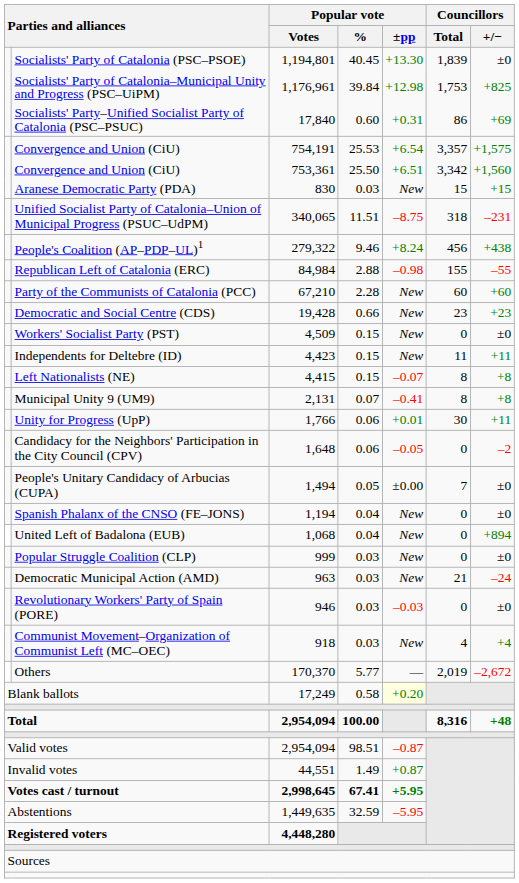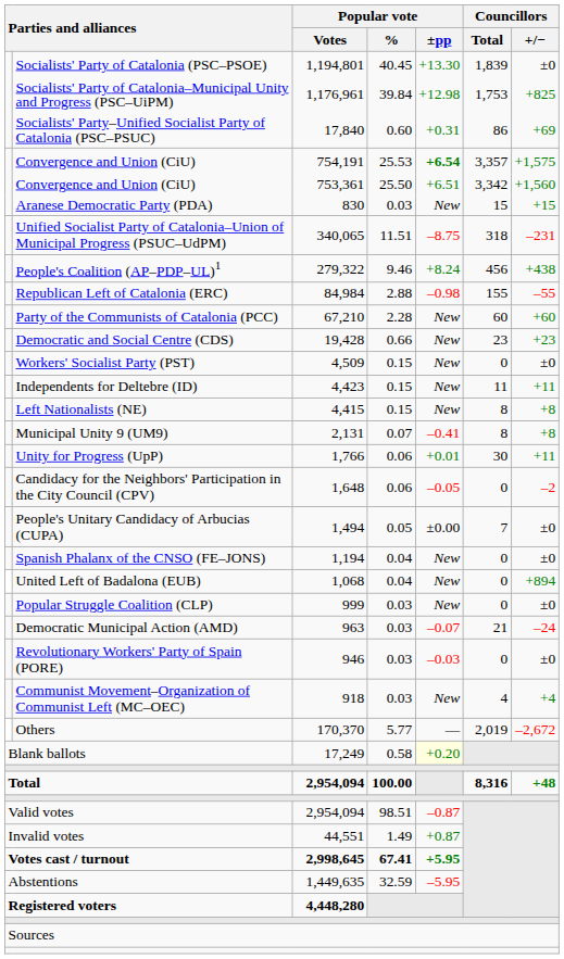 <table class="wikitable" style="text-align:right;">
 <tr>
 <th style="text-align:left;" rowspan="2" colspan="2" width="525">Parties and alliances</th>
 <th colspan="3">Popular vote</th>
 <th colspan="2">Councillors</th>
 </tr>
 <tr>
 <th width="75">Votes</th>
 <th width="45">%</th>
 <th width="45">±<a href='#'>pp</a></th>
 <th width="45">Total</th>
 <th width="45">+/−</th>
 </tr>
 <tr style="line-height:22px;">
 <td width="1" rowspan="3"></td>
 <td align="left"><a href='#'>Socialists' Party of Catalonia</a> (PSC–PSOE)</td>
 <td>1,194,801</td>
 <td>40.45</td>
 <td style="color:green;">+13.30</td>
 <td>1,839</td>
 <td>±0</td>
 </tr>
 <tr style="border-bottom-style:hidden; border-top-style:hidden; line-height:16px;">
 <td align="left"><span><a href='#'>Socialists' Party of Catalonia–Municipal Unity and Progress</a> (PSC–UiPM)</span></td>
 <td>1,176,961</td>
 <td>39.84</td>
 <td style="color:green;">+12.98</td>
 <td>1,753</td>
 <td style="color:green;">+825</td>
 </tr>
 <tr style="line-height:16px;">
 <td align="left"><span><a href='#'>Socialists' Party</a>–<a href='#'>Unified Socialist Party of Catalonia</a> (PSC–PSUC)</span></td>
 <td>17,840</td>
 <td>0.60</td>
 <td style="color:green;">+0.31</td>
 <td>86</td>
 <td style="color:green;">+69</td>
 </tr>
 <tr style="line-height:22px;">
 <td rowspan="3" style="color:inherit;background:"></td>
 <td align="left"><a href='#'>Convergence and Union</a> (CiU)</td>
 <td>754,191</td>
 <td>25.53</td>
-<td style="color:green;">+6.54</td>
+<td style="color:green;"><strong>+6.54</strong></td>
 <td>3,357</td>
 <td style="color:green;">+1,575</td>
 </tr>
 <tr style="border-bottom-style:hidden; border-top-style:hidden; line-height:16px;">
 <td align="left"><span><a href='#'>Convergence and Union</a> (CiU)</span></td>
 <td>753,361</td>
 <td>25.50</td>
 <td style="color:green;">+6.51</td>
 <td>3,342</td>
 <td style="color:green;">+1,560</td>
 </tr>
 <tr style="line-height:16px;">
 <td align="left"><span><a href='#'>Aranese Democratic Party</a> (PDA)</span></td>
 <td>830</td>
 <td>0.03</td>
 <td><em>New</em></td>
 <td>15</td>
 <td style="color:green;">+15</td>
 </tr>
 <tr>
 <td style="color:inherit;background:"></td>
 <td align="left"><a href='#'>Unified Socialist Party of Catalonia–Union of Municipal Progress</a> (PSUC–UdPM)</td>
 <td>340,065</td>
 <td>11.51</td>
 <td style="color:red;">–8.75</td>
 <td>318</td>
 <td style="color:red;">–231</td>
 </tr>
 <tr>
 <td style="color:inherit;background:"></td>
 <td align="left"><a href='#'>People's Coalition</a> (<a href='#'>AP</a>–<a href='#'>PDP</a>–<a href='#'>UL</a>)<sup>1</sup></td>
 <td>279,322</td>
 <td>9.46</td>
 <td style="color:green;">+8.24</td>
 <td>456</td>
 <td style="color:green;">+438</td>
 </tr>
 <tr>
 <td style="color:inherit;background:"></td>
 <td align="left"><a href='#'>Republican Left of Catalonia</a> (ERC)</td>
 <td>84,984</td>
 <td>2.88</td>
 <td style="color:red;">–0.98</td>
 <td>155</td>
 <td style="color:red;">–55</td>
 </tr>
 <tr>
 <td style="color:inherit;background:"></td>
 <td align="left"><a href='#'>Party of the Communists of Catalonia</a> (PCC)</td>
 <td>67,210</td>
 <td>2.28</td>
 <td><em>New</em></td>
 <td>60</td>
 <td style="color:green;">+60</td>
 </tr>
 <tr>
 <td style="color:inherit;background:"></td>
 <td align="left"><a href='#'>Democratic and Social Centre</a> (CDS)</td>
 <td>19,428</td>
 <td>0.66</td>
 <td><em>New</em></td>
 <td>23</td>
 <td style="color:green;">+23</td>
 </tr>
 <tr>
 <td style="color:inherit;background:"></td>
 <td align="left"><a href='#'>Workers' Socialist Party</a> (PST)</td>
 <td>4,509</td>
 <td>0.15</td>
 <td><em>New</em></td>
 <td>0</td>
 <td>±0</td>
 </tr>
 <tr>
 <td style="color:inherit;background:"></td>
 <td align="left">Independents for Deltebre (ID)</td>
 <td>4,423</td>
 <td>0.15</td>
 <td><em>New</em></td>
 <td>11</td>
 <td style="color:green;">+11</td>
 </tr>
 <tr>
 <td style="color:inherit;background:"></td>
 <td align="left"><a href='#'>Left Nationalists</a> (NE)</td>
 <td>4,415</td>
 <td>0.15</td>
-<td style="color:red;">–0.07</td>
+<td><em>New</em></td>
 <td>8</td>
 <td style="color:green;">+8</td>
 </tr>
 <tr>
 <td style="color:inherit;background:"></td>
 <td align="left">Municipal Unity 9 (UM9)</td>
 <td>2,131</td>
 <td>0.07</td>
 <td style="color:red;">–0.41</td>
 <td>8</td>
 <td style="color:green;">+8</td>
 </tr>
 <tr>
 <td style="color:inherit;background:"></td>
 <td align="left"><a href='#'>Unity for Progress</a> (UpP)</td>
 <td>1,766</td>
 <td>0.06</td>
 <td style="color:green;">+0.01</td>
 <td>30</td>
 <td style="color:green;">+11</td>
 </tr>
 <tr>
 <td style="color:inherit;background:"></td>
 <td align="left">Candidacy for the Neighbors' Participation in the City Council (CPV)</td>
 <td>1,648</td>
 <td>0.06</td>
 <td style="color:red;">–0.05</td>
 <td>0</td>
 <td style="color:red;">–2</td>
 </tr>
 <tr>
 <td style="color:inherit;background:"></td>
 <td align="left">People's Unitary Candidacy of Arbucias (CUPA)</td>
 <td>1,494</td>
 <td>0.05</td>
 <td>±0.00</td>
 <td>7</td>
 <td>±0</td>
 </tr>
 <tr>
 <td style="color:inherit;background:"></td>
 <td align="left"><a href='#'>Spanish Phalanx of the CNSO</a> (FE–JONS)</td>
 <td>1,194</td>
 <td>0.04</td>
 <td><em>New</em></td>
 <td>0</td>
 <td>±0</td>
 </tr>
 <tr>
 <td bgcolor="white"></td>
 <td align="left">United Left of Badalona (EUB)</td>
 <td>1,068</td>
 <td>0.04</td>
 <td><em>New</em></td>
 <td>0</td>
 <td style="color:green;">+894</td>
 </tr>
 <tr>
 <td style="color:inherit;background:"></td>
 <td align="left"><a href='#'>Popular Struggle Coalition</a> (CLP)</td>
 <td>999</td>
 <td>0.03</td>
 <td><em>New</em></td>
 <td>0</td>
 <td>±0</td>
 </tr>
 <tr>
 <td style="color:inherit;background:"></td>
 <td align="left">Democratic Municipal Action (AMD)</td>
 <td>963</td>
 <td>0.03</td>
-<td><em>New</em></td>
+<td style="color:red;">–0.07</td>
 <td>21</td>
 <td style="color:red;">–24</td>
 </tr>
 <tr>
 <td style="color:inherit;background:"></td>
 <td align="left"><a href='#'>Revolutionary Workers' Party of Spain</a> (PORE)</td>
 <td>946</td>
 <td>0.03</td>
 <td style="color:red;">–0.03</td>
 <td>0</td>
 <td>±0</td>
 </tr>
 <tr>
 <td style="color:inherit;background:"></td>
 <td align="left"><a href='#'>Communist Movement</a>–<a href='#'>Organization of Communist Left</a> (MC–OEC)</td>
 <td>918</td>
 <td>0.03</td>
 <td><em>New</em></td>
 <td>4</td>
 <td style="color:green;">+4</td>
 </tr>
 <tr>
 <td bgcolor="white"></td>
 <td align="left">Others</td>
 <td>170,370</td>
 <td>5.77</td>
 <td>—</td>
 <td>2,019</td>
 <td style="color:red;">–2,672</td>
 </tr>
 <tr>
 <td align="left" colspan="2">Blank ballots</td>
 <td>17,249</td>
 <td>0.58</td>
 <td style="background: lightyellow; color:green;">+0.20</td>
 <td style="color:inherit;background:#E9E9E9" colspan="2"></td>
 </tr>
 <tr>
 <td colspan="7" style="color:inherit;background:#E9E9E9"></td>
 </tr>
 <tr style="font-weight:bold;">
 <td align="left" colspan="2">Total</td>
 <td>2,954,094</td>
 <td>100.00</td>
 <td bgcolor="#E9E9E9"></td>
 <td>8,316</td>
 <td style="color:green;">+48</td>
 </tr>
 <tr>
 <td colspan="7" style="color:inherit;background:#E9E9E9"></td>
 </tr>
 <tr>
 <td align="left" colspan="2">Valid votes</td>
 <td>2,954,094</td>
 <td>98.51</td>
 <td style="color:red;">–0.87</td>
 <td bgcolor="#E9E9E9" colspan="2" rowspan="5"></td>
 </tr>
 <tr>
 <td align="left" colspan="2">Invalid votes</td>
 <td>44,551</td>
 <td>1.49</td>
 <td style="color:green;">+0.87</td>
 </tr>
 <tr style="font-weight:bold;">
 <td align="left" colspan="2">Votes cast / turnout</td>
 <td>2,998,645</td>
 <td>67.41</td>
 <td style="color:green;">+5.95</td>
 </tr>
 <tr>
 <td align="left" colspan="2">Abstentions</td>
 <td>1,449,635</td>
 <td>32.59</td>
 <td style="color:red;">–5.95</td>
 </tr>
 <tr style="font-weight:bold;">
 <td align="left" colspan="2">Registered voters</td>
 <td>4,448,280</td>
 <td bgcolor="#E9E9E9" colspan="2"></td>
 </tr>
 <tr>
 <td colspan="7" style="color:inherit;background:#E9E9E9"></td>
 </tr>
 <tr>
 <td align="left" colspan="7">Sources</td>
 </tr>
 <tr>
 <td colspan="7" style="text-align:left; max-width:790px;"></td>
 </tr>
 </table>
